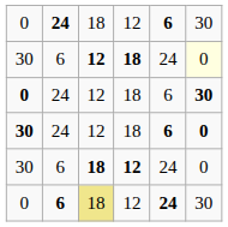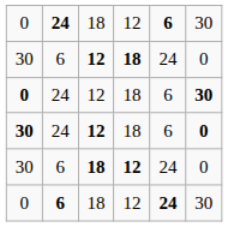 <table class="wikitable" style="margin-left:auto;margin-right:auto;text-align:center;width:12em;height:12em;table-layout:fixed;">
 <tr>
 <td>0</td>
 <td><strong>24</strong></td>
 <td>18</td>
 <td>12</td>
 <td><strong>6</strong></td>
 <td>30</td>
 </tr>
 <tr>
 <td>30</td>
 <td>6</td>
 <td><strong>12</strong></td>
 <td><strong>18</strong></td>
 <td>24</td>
-<td style="background: lightyellow;">0</td>
+<td>0</td>
 </tr>
 <tr>
 <td><strong>0</strong></td>
 <td>24</td>
 <td>12</td>
 <td>18</td>
 <td>6</td>
 <td><strong>30</strong></td>
 </tr>
 <tr>
 <td><strong>30</strong></td>
 <td>24</td>
-<td>12</td>
+<td><strong>12</strong></td>
 <td>18</td>
-<td><strong>6</strong></td>
+<td>6</td>
 <td><strong>0</strong></td>
 </tr>
 <tr>
 <td>30</td>
 <td>6</td>
 <td><strong>18</strong></td>
 <td><strong>12</strong></td>
 <td>24</td>
 <td>0</td>
 </tr>
 <tr>
 <td>0</td>
 <td><strong>6</strong></td>
-<td style="background: khaki;">18</td>
+<td>18</td>
 <td>12</td>
 <td><strong>24</strong></td>
 <td>30</td>
 </tr>
 </table>
